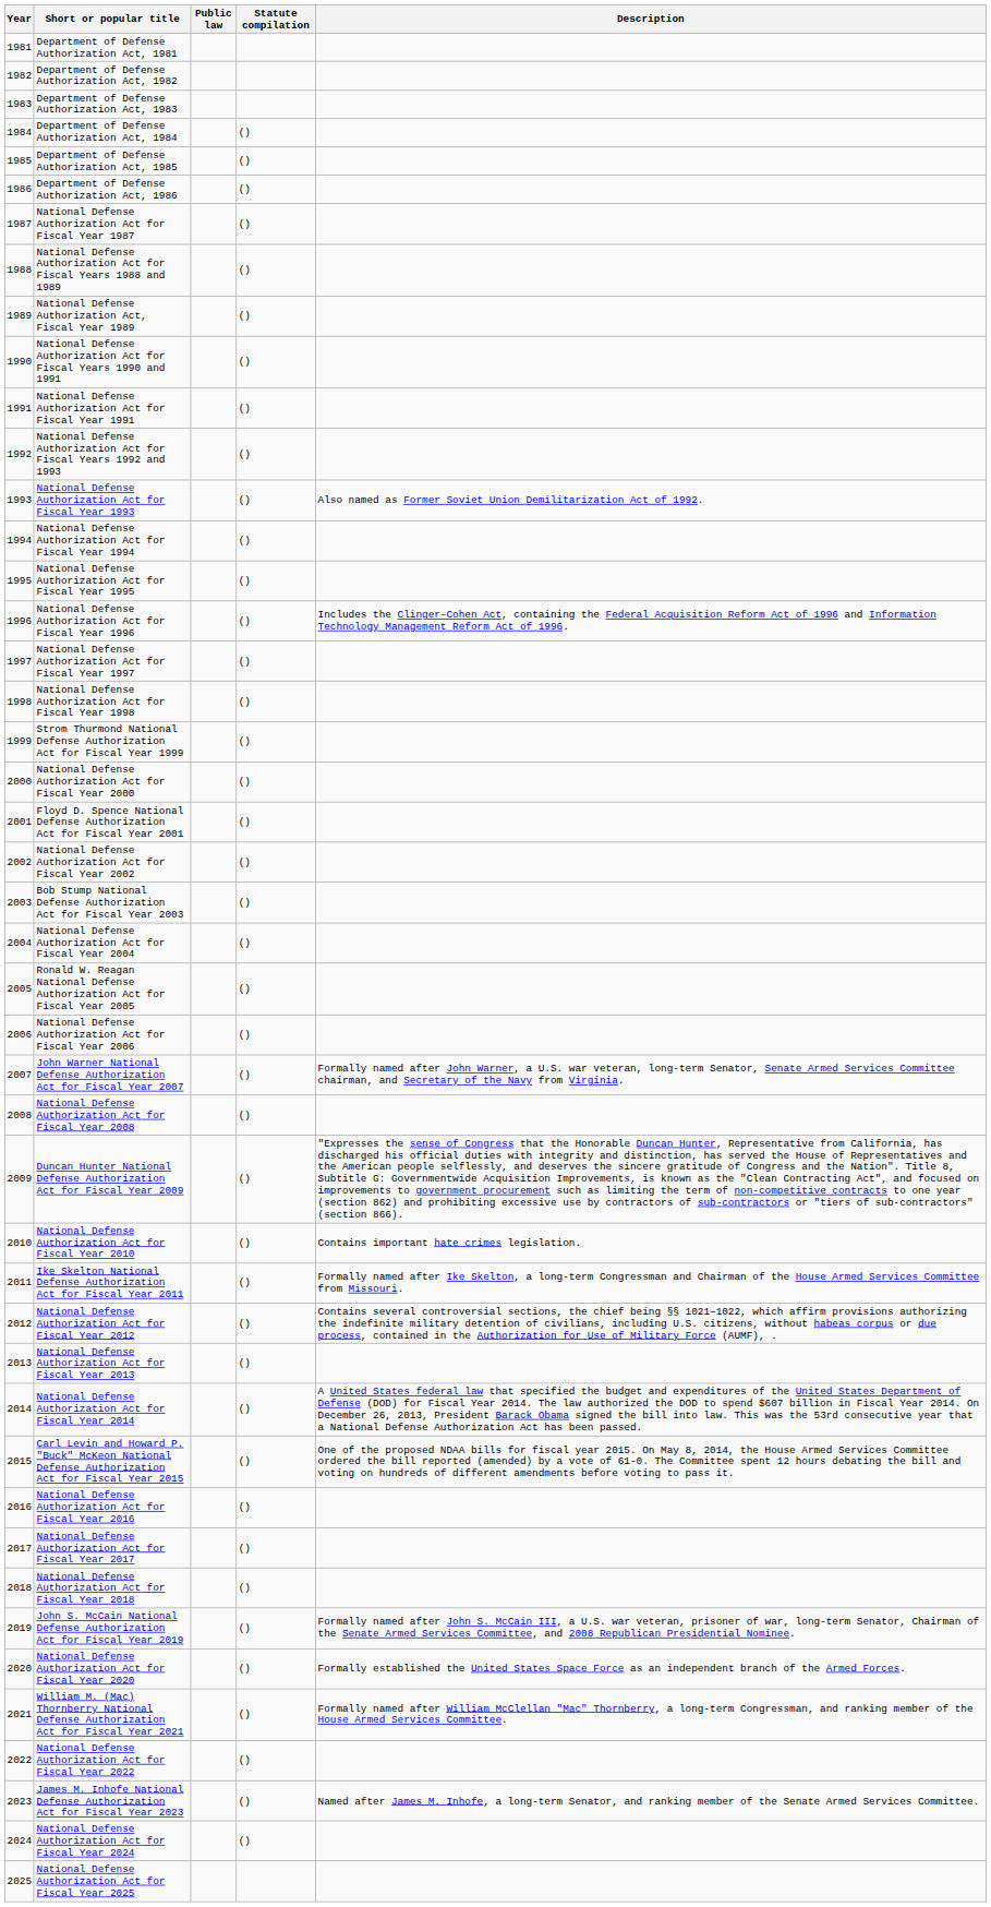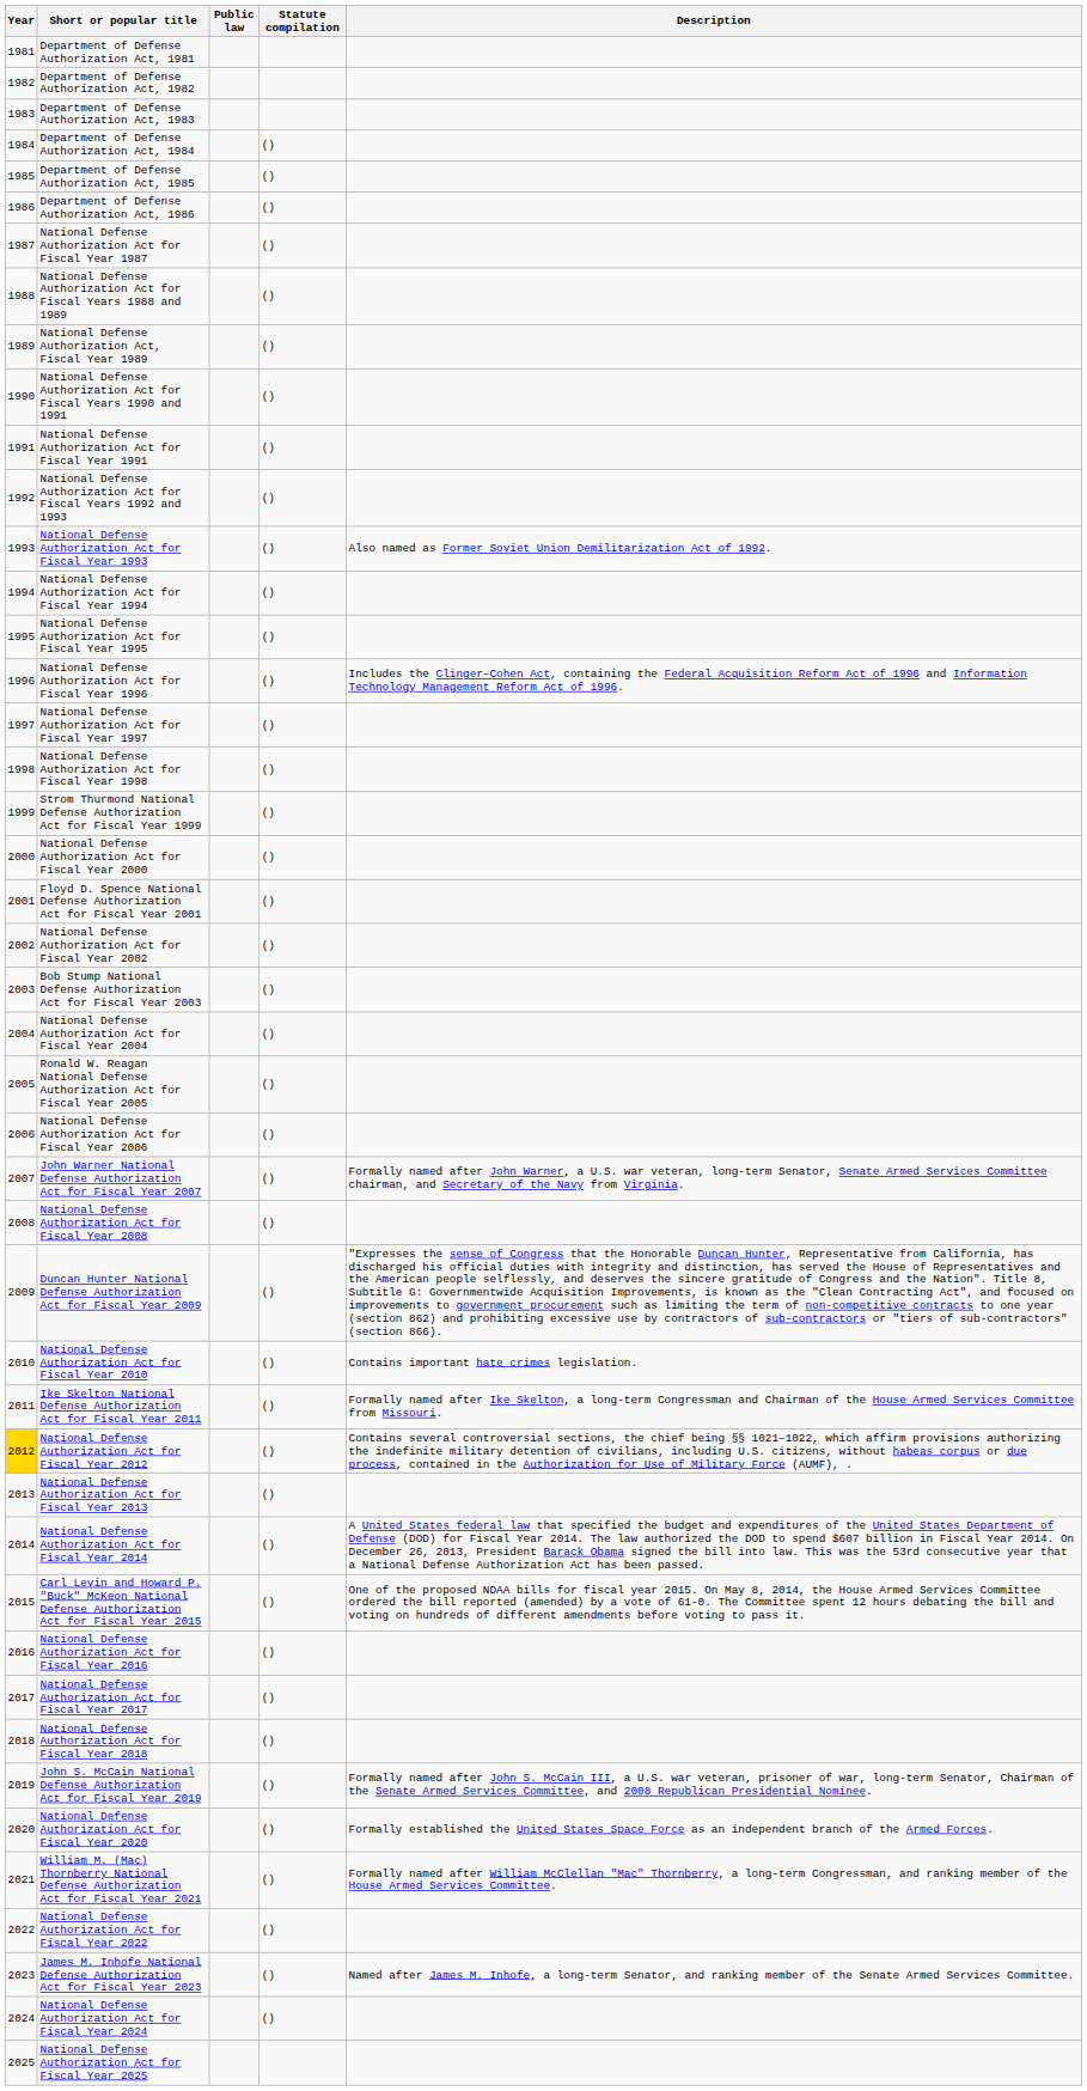 <table class="wikitable sortable">
 <tr>
 <th>Year</th>
 <th>Short or popular title</th>
 <th>Public law</th>
 <th>Statute compilation</th>
 <th>Description</th>
 </tr>
 <tr>
 <td>1981</td>
 <td>Department of Defense Authorization Act, 1981</td>
 <td></td>
 <td></td>
 <td></td>
 </tr>
 <tr>
 <td>1982</td>
 <td>Department of Defense Authorization Act, 1982</td>
 <td></td>
 <td></td>
 <td></td>
 </tr>
 <tr>
 <td>1983</td>
 <td>Department of Defense Authorization Act, 1983</td>
 <td></td>
 <td></td>
 <td></td>
 </tr>
 <tr>
 <td>1984</td>
 <td>Department of Defense Authorization Act, 1984</td>
 <td></td>
 <td> ()</td>
 <td></td>
 </tr>
 <tr>
 <td>1985</td>
 <td>Department of Defense Authorization Act, 1985</td>
 <td></td>
 <td> ()</td>
 <td></td>
 </tr>
 <tr>
 <td>1986</td>
 <td>Department of Defense Authorization Act, 1986</td>
 <td></td>
 <td> ()</td>
 <td></td>
 </tr>
 <tr>
 <td>1987</td>
 <td>National Defense Authorization Act for Fiscal Year 1987</td>
 <td></td>
 <td> ()</td>
 <td></td>
 </tr>
 <tr>
 <td>1988</td>
 <td>National Defense Authorization Act for Fiscal Years 1988 and 1989</td>
 <td></td>
 <td> ()</td>
 <td></td>
 </tr>
 <tr>
 <td>1989</td>
 <td>National Defense Authorization Act, Fiscal Year 1989</td>
 <td></td>
 <td> ()</td>
 <td></td>
 </tr>
 <tr>
 <td>1990</td>
 <td>National Defense Authorization Act for Fiscal Years 1990 and 1991</td>
 <td></td>
 <td> ()</td>
 <td></td>
 </tr>
 <tr>
 <td>1991</td>
 <td>National Defense Authorization Act for Fiscal Year 1991</td>
 <td></td>
 <td> ()</td>
 <td></td>
 </tr>
 <tr>
 <td>1992</td>
 <td>National Defense Authorization Act for Fiscal Years 1992 and 1993</td>
 <td></td>
 <td> ()</td>
 <td></td>
 </tr>
 <tr>
 <td>1993</td>
 <td><a href='#'>National Defense Authorization Act for Fiscal Year 1993</a></td>
 <td></td>
 <td> ()</td>
 <td>Also named as <a href='#'>Former Soviet Union Demilitarization Act of 1992</a>.</td>
 </tr>
 <tr>
 <td>1994</td>
 <td>National Defense Authorization Act for Fiscal Year 1994</td>
 <td></td>
 <td> ()</td>
 <td></td>
 </tr>
 <tr>
 <td>1995</td>
 <td>National Defense Authorization Act for Fiscal Year 1995</td>
 <td></td>
 <td> ()</td>
 <td></td>
 </tr>
 <tr>
 <td>1996</td>
 <td>National Defense Authorization Act for Fiscal Year 1996</td>
 <td></td>
 <td> ()</td>
 <td>Includes the <a href='#'>Clinger–Cohen Act</a>, containing the <a href='#'>Federal Acquisition Reform Act of 1996</a> and <a href='#'>Information Technology Management Reform Act of 1996</a>.</td>
 </tr>
 <tr>
 <td>1997</td>
 <td>National Defense Authorization Act for Fiscal Year 1997</td>
 <td></td>
 <td> ()</td>
 <td></td>
 </tr>
 <tr>
 <td>1998</td>
 <td>National Defense Authorization Act for Fiscal Year 1998</td>
 <td></td>
 <td> ()</td>
 <td></td>
 </tr>
 <tr>
 <td>1999</td>
 <td>Strom Thurmond National Defense Authorization Act for Fiscal Year 1999</td>
 <td></td>
 <td> ()</td>
 <td></td>
 </tr>
 <tr>
 <td>2000</td>
 <td>National Defense Authorization Act for Fiscal Year 2000</td>
 <td></td>
 <td> ()</td>
 <td></td>
 </tr>
 <tr>
 <td>2001</td>
 <td>Floyd D. Spence National Defense Authorization Act for Fiscal Year 2001</td>
 <td></td>
 <td> ()</td>
 <td></td>
 </tr>
 <tr>
 <td>2002</td>
 <td>National Defense Authorization Act for Fiscal Year 2002</td>
 <td></td>
 <td> ()</td>
 <td></td>
 </tr>
 <tr>
 <td>2003</td>
 <td>Bob Stump National Defense Authorization Act for Fiscal Year 2003</td>
 <td></td>
 <td> ()</td>
 <td></td>
 </tr>
 <tr>
 <td>2004</td>
 <td>National Defense Authorization Act for Fiscal Year 2004</td>
 <td></td>
 <td> ()</td>
 <td></td>
 </tr>
 <tr>
 <td>2005</td>
 <td>Ronald W. Reagan National Defense Authorization Act for Fiscal Year 2005</td>
 <td></td>
 <td> ()</td>
 <td></td>
 </tr>
 <tr>
 <td>2006</td>
 <td>National Defense Authorization Act for Fiscal Year 2006</td>
 <td></td>
 <td> ()</td>
 <td></td>
 </tr>
 <tr>
 <td>2007</td>
 <td><a href='#'>John Warner National Defense Authorization Act for Fiscal Year 2007</a></td>
 <td></td>
 <td> ()</td>
 <td>Formally named after <a href='#'>John Warner</a>, a U.S. war veteran, long-term Senator, <a href='#'>Senate Armed Services Committee</a> chairman, and <a href='#'>Secretary of the Navy</a> from <a href='#'>Virginia</a>.</td>
 </tr>
 <tr>
 <td>2008</td>
 <td><a href='#'>National Defense Authorization Act for Fiscal Year 2008</a></td>
 <td></td>
 <td> ()</td>
 <td></td>
 </tr>
 <tr>
 <td>2009</td>
 <td><a href='#'>Duncan Hunter National Defense Authorization Act for Fiscal Year 2009</a></td>
 <td></td>
 <td> ()</td>
 <td>"Expresses the <a href='#'>sense of Congress</a> that the Honorable <a href='#'>Duncan Hunter</a>, Representative from California, has discharged his official duties with integrity and distinction, has served the House of Representatives and the American people selflessly, and deserves the sincere gratitude of Congress and the Nation". Title 8, Subtitle G: Governmentwide Acquisition Improvements, is known as the "Clean Contracting Act", and focused on improvements to <a href='#'>government procurement</a> such as limiting the term of <a href='#'>non-competitive contracts</a> to one year (section 862) and prohibiting excessive use by contractors of <a href='#'>sub-contractors</a> or "tiers of sub-contractors" (section 866).</td>
 </tr>
 <tr>
 <td>2010</td>
 <td><a href='#'>National Defense Authorization Act for Fiscal Year 2010</a></td>
 <td></td>
 <td> ()</td>
 <td>Contains important <a href='#'>hate crimes</a> legislation.</td>
 </tr>
 <tr>
 <td>2011</td>
 <td><a href='#'>Ike Skelton National Defense Authorization Act for Fiscal Year 2011</a></td>
 <td></td>
 <td> ()</td>
 <td>Formally named after <a href='#'>Ike Skelton</a>, a long-term Congressman and Chairman of the <a href='#'>House Armed Services Committee</a> from <a href='#'>Missouri</a>.</td>
 </tr>
 <tr>
-<td>2012</td>
+<td style="background: gold;">2012</td>
 <td><a href='#'>National Defense Authorization Act for Fiscal Year 2012</a></td>
 <td></td>
 <td> ()</td>
 <td>Contains several controversial sections, the chief being §§ 1021–1022, which affirm provisions authorizing the indefinite military detention of civilians, including U.S. citizens, without <a href='#'>habeas corpus</a> or <a href='#'>due process</a>, contained in the <a href='#'>Authorization for Use of Military Force</a> (AUMF), .</td>
 </tr>
 <tr>
 <td>2013</td>
 <td><a href='#'>National Defense Authorization Act for Fiscal Year 2013</a></td>
 <td></td>
 <td> ()</td>
 <td></td>
 </tr>
 <tr>
 <td>2014</td>
 <td><a href='#'>National Defense Authorization Act for Fiscal Year 2014</a></td>
 <td></td>
 <td> ()</td>
 <td>A <a href='#'>United States federal law</a> that specified the budget and expenditures of the <a href='#'>United States Department of Defense</a> (DOD) for Fiscal Year 2014. The law authorized the DOD to spend $607 billion in Fiscal Year 2014.  On December 26, 2013, President <a href='#'>Barack Obama</a> signed the bill into law. This was the 53rd consecutive year that a National Defense Authorization Act has been passed.</td>
 </tr>
 <tr>
 <td>2015</td>
 <td><a href='#'>Carl Levin and Howard P. "Buck" McKeon National Defense Authorization Act for Fiscal Year 2015</a></td>
 <td></td>
 <td> ()</td>
 <td>One of the proposed NDAA bills for fiscal year 2015. On May 8, 2014, the House Armed Services Committee ordered the bill reported (amended) by a vote of 61-0. The Committee spent 12 hours debating the bill and voting on hundreds of different amendments before voting to pass it.</td>
 </tr>
 <tr>
 <td>2016</td>
 <td><a href='#'>National Defense Authorization Act for Fiscal Year 2016</a></td>
 <td></td>
 <td> ()</td>
 <td></td>
 </tr>
 <tr>
 <td>2017</td>
 <td><a href='#'>National Defense Authorization Act for Fiscal Year 2017</a></td>
 <td></td>
 <td> ()</td>
 <td></td>
 </tr>
 <tr>
 <td>2018</td>
 <td><a href='#'>National Defense Authorization Act for Fiscal Year 2018</a></td>
 <td></td>
 <td> ()</td>
 <td></td>
 </tr>
 <tr>
 <td>2019</td>
 <td><a href='#'>John S. McCain National Defense Authorization Act for Fiscal Year 2019</a></td>
 <td></td>
 <td> ()</td>
 <td>Formally named after <a href='#'>John S. McCain III</a>, a U.S. war veteran, prisoner of war, long-term Senator, Chairman of the <a href='#'>Senate Armed Services Committee</a>, and <a href='#'>2008 Republican Presidential Nominee</a>.</td>
 </tr>
 <tr>
 <td>2020</td>
 <td><a href='#'>National Defense Authorization Act for Fiscal Year 2020</a></td>
 <td></td>
 <td> ()</td>
 <td>Formally established the <a href='#'>United States Space Force</a> as an independent branch of the <a href='#'>Armed Forces</a>.</td>
 </tr>
 <tr>
 <td>2021</td>
 <td><a href='#'>William M. (Mac) Thornberry National Defense Authorization Act for Fiscal Year 2021</a></td>
 <td></td>
 <td> ()</td>
 <td>Formally named after <a href='#'>William McClellan "Mac" Thornberry</a>, a long-term Congressman, and ranking member of the <a href='#'>House Armed Services Committee</a>.</td>
 </tr>
 <tr>
 <td>2022</td>
 <td><a href='#'>National Defense Authorization Act for Fiscal Year 2022</a></td>
 <td></td>
 <td> ()</td>
 <td></td>
 </tr>
 <tr>
 <td>2023</td>
 <td><a href='#'>James M. Inhofe National Defense Authorization Act for Fiscal Year 2023</a></td>
 <td></td>
 <td> ()</td>
 <td>Named after <a href='#'>James M. Inhofe</a>, a long-term Senator, and ranking member of the Senate Armed Services Committee.</td>
 </tr>
 <tr>
 <td>2024</td>
 <td><a href='#'>National Defense Authorization Act for Fiscal Year 2024</a></td>
 <td></td>
 <td> ()</td>
 <td></td>
 </tr>
 <tr>
 <td>2025</td>
 <td><a href='#'>National Defense Authorization Act for Fiscal Year 2025</a></td>
 <td></td>
 <td></td>
 <td></td>
 </tr>
 </table>
